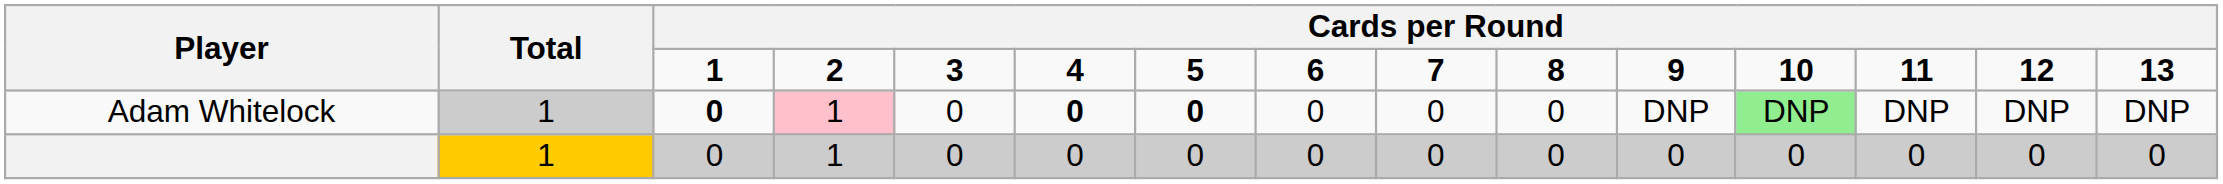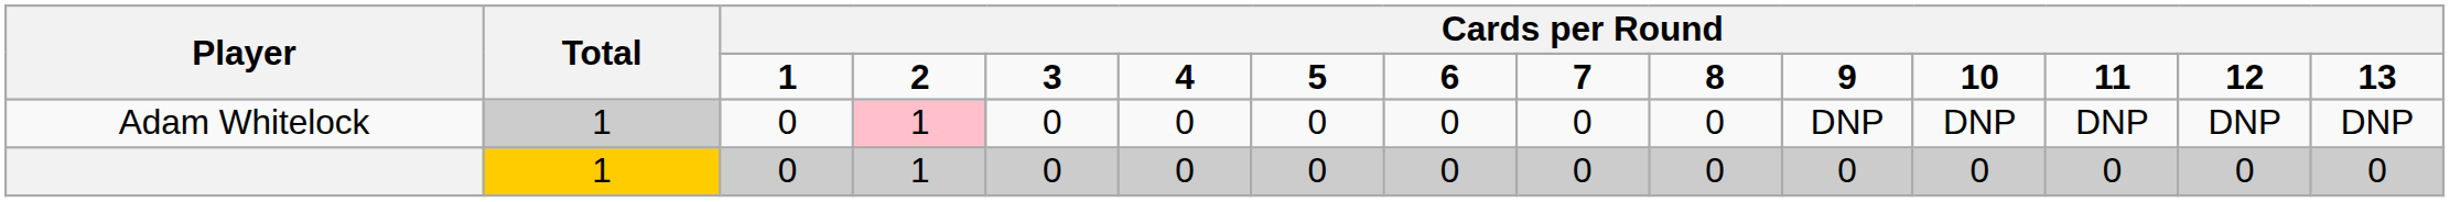 <table class="wikitable" style="text-align:center; line-height: 90%; font-size:90%;" width=80%>
 <tr>
 <th rowspan=2 width=18%>Player</th>
 <th rowspan=2 width=9%>Total</th>
 <th colspan=13>Cards per Round</th>
 </tr>
 <tr>
 <td width=5%><strong>1</strong></td>
 <td width=5%><strong>2</strong></td>
 <td width=5%><strong>3</strong></td>
 <td width=5%><strong>4</strong></td>
 <td width=5%><strong>5</strong></td>
 <td width=5%><strong>6</strong></td>
 <td width=5%><strong>7</strong></td>
 <td width=5%><strong>8</strong></td>
 <td width=5%><strong>9</strong></td>
 <td width=5%><strong>10</strong></td>
 <td width=5%><strong>11</strong></td>
 <td width=5%><strong>12</strong></td>
 <td width=5%><strong>13</strong></td>
 </tr>
 <tr>
 <td>Adam Whitelock</td>
 <td bgcolor=#cccccc>1</td>
-<td><strong>0</strong></td>
+<td>0</td>
 <td style="background: pink;">1</td>
 <td>0</td>
-<td><strong>0</strong></td>
-<td><strong>0</strong></td>
+<td>0</td>
+<td>0</td>
 <td>0</td>
 <td>0</td>
 <td>0</td>
 <td>DNP</td>
-<td style="background: lightgreen;">DNP</td>
+<td>DNP</td>
 <td>DNP</td>
 <td>DNP</td>
 <td>DNP</td>
 </tr>
 <tr>
 <th></th>
 <td bgcolor=#ffcc00>1</td>
 <td bgcolor=#cccccc>0</td>
 <td bgcolor=#cccccc>1</td>
 <td bgcolor=#cccccc>0</td>
 <td bgcolor=#cccccc>0</td>
 <td bgcolor=#cccccc>0</td>
 <td bgcolor=#cccccc>0</td>
 <td bgcolor=#cccccc>0</td>
 <td bgcolor=#cccccc>0</td>
 <td bgcolor=#cccccc>0</td>
 <td bgcolor=#cccccc>0</td>
 <td bgcolor=#cccccc>0</td>
 <td bgcolor=#cccccc>0</td>
 <td bgcolor=#cccccc>0</td>
 </tr>
 </table>
